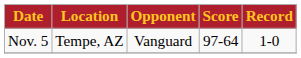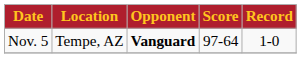 <table class="wikitable" style="text-align:center">
 <tr>
 <th style="background:#AF1E2D;color:#FFC61E;">Date</th>
 <th style="background:#AF1E2D;color:#FFC61E;">Location</th>
 <th style="background:#AF1E2D;color:#FFC61E;">Opponent</th>
 <th style="background:#AF1E2D;color:#FFC61E;">Score</th>
 <th style="background:#AF1E2D;color:#FFC61E;">Record</th>
 </tr>
 <tr>
 <td>Nov. 5</td>
 <td>Tempe, AZ</td>
-<td>Vanguard</td>
+<td><strong>Vanguard</strong></td>
 <td>97-64</td>
 <td>1-0</td>
 </tr>
 <tr>
 </tr>
 </table>
